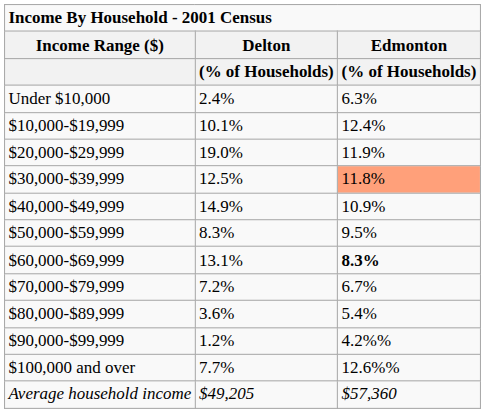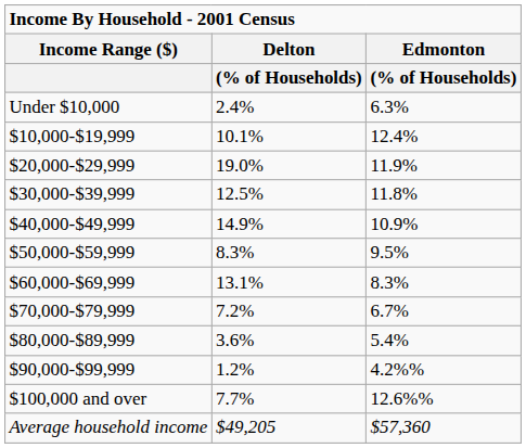 <table class="wikitable">
 <tr>
 <td colspan="3"><strong>Income By Household - 2001 Census</strong></td>
 </tr>
 <tr>
 <th>Income Range ($)</th>
 <th>Delton</th>
 <th>Edmonton</th>
 </tr>
 <tr>
 <th></th>
 <th>(% of Households)</th>
 <th>(% of Households)</th>
 </tr>
 <tr>
 <td>Under $10,000</td>
 <td>2.4%</td>
 <td>6.3%</td>
 </tr>
 <tr>
 <td>$10,000-$19,999</td>
 <td>10.1%</td>
 <td>12.4%</td>
 </tr>
 <tr>
 <td>$20,000-$29,999</td>
 <td>19.0%</td>
 <td>11.9%</td>
 </tr>
 <tr>
 <td>$30,000-$39,999</td>
 <td>12.5%</td>
-<td style="background: lightsalmon;">11.8%</td>
+<td>11.8%</td>
 </tr>
 <tr>
 <td>$40,000-$49,999</td>
 <td>14.9%</td>
 <td>10.9%</td>
 </tr>
 <tr>
 <td>$50,000-$59,999</td>
 <td>8.3%</td>
 <td>9.5%</td>
 </tr>
 <tr>
 <td>$60,000-$69,999</td>
 <td>13.1%</td>
-<td><strong>8.3%</strong></td>
+<td>8.3%</td>
 </tr>
 <tr>
 <td>$70,000-$79,999</td>
 <td>7.2%</td>
 <td>6.7%</td>
 </tr>
 <tr>
 <td>$80,000-$89,999</td>
 <td>3.6%</td>
 <td>5.4%</td>
 </tr>
 <tr>
 <td>$90,000-$99,999</td>
 <td>1.2%</td>
 <td>4.2%%</td>
 </tr>
 <tr>
 <td>$100,000 and over</td>
 <td>7.7%</td>
 <td>12.6%%</td>
 </tr>
 <tr>
 <td><em>Average household income</em></td>
 <td><em>$49,205</em></td>
 <td><em>$57,360</em></td>
 </tr>
 </table>
